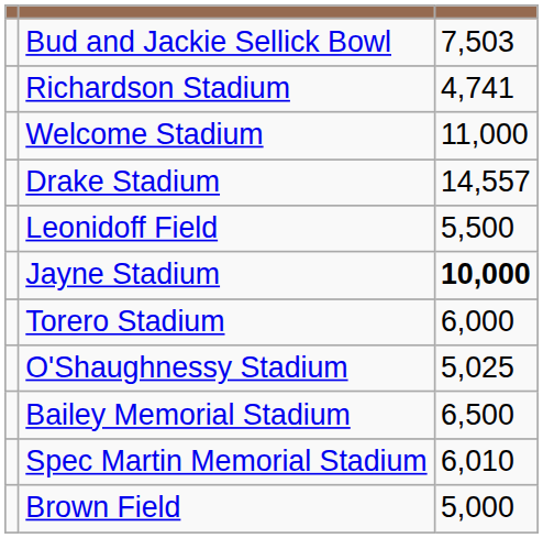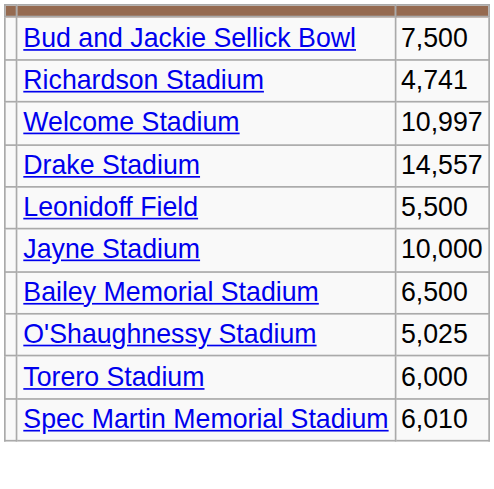 <table class="wikitable sortable">
 <tr bgcolor=956a50>
 <td style="text-align:center"></td>
 <td style="text-align:center"></td>
 <td style="text-align:center"></td>
 </tr>
 <tr>
 <td style="text-align:center; "><a href='#'></a></td>
 <td><a href='#'>Bud and Jackie Sellick Bowl</a></td>
-<td>7,503</td>
+<td>7,500</td>
 </tr>
 <tr>
 <td style="text-align:center; "><a href='#'></a></td>
 <td><a href='#'>Richardson Stadium</a></td>
 <td>4,741</td>
 </tr>
 <tr>
 <td style="text-align:center; "><a href='#'></a></td>
 <td><a href='#'>Welcome Stadium</a></td>
-<td>11,000</td>
+<td>10,997</td>
 </tr>
 <tr>
 <td style="text-align:center; "><a href='#'></a></td>
 <td><a href='#'>Drake Stadium</a></td>
 <td>14,557</td>
 </tr>
 <tr>
 <td style="text-align:center; "><a href='#'></a></td>
 <td><a href='#'>Leonidoff Field</a></td>
 <td>5,500</td>
 </tr>
 <tr>
 <td style="text-align:center; "><a href='#'></a></td>
 <td><a href='#'>Jayne Stadium</a></td>
-<td><strong>10,000</strong></td>
+<td>10,000</td>
 </tr>
 <tr>
 <td style="text-align:center; "><a href='#'></a></td>
-<td><a href='#'>Torero Stadium</a></td>
-<td>6,000</td>
+<td><a href='#'>Bailey Memorial Stadium</a></td>
+<td>6,500</td>
 </tr>
 <tr>
 <td style="text-align:center; color: white; "><a href='#'></a></td>
 <td><a href='#'>O'Shaughnessy Stadium</a></td>
 <td>5,025</td>
 </tr>
 <tr>
 <td style="text-align:center; "><a href='#'></a></td>
-<td><a href='#'>Bailey Memorial Stadium</a></td>
-<td>6,500</td>
+<td><a href='#'>Torero Stadium</a></td>
+<td>6,000</td>
 </tr>
 <tr>
 <td style="text-align:center; "><a href='#'></a></td>
 <td><a href='#'>Spec Martin Memorial Stadium</a></td>
 <td>6,010</td>
 </tr>
-<tr>
-<td style="text-align:center; "><a href='#'></a></td>
-<td><a href='#'>Brown Field</a></td>
-<td>5,000</td>
-</tr>
 </table>
